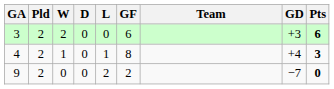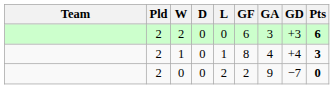 <table class="wikitable" style="text-align:center">
 <tr>
-<th width=20>GA</th>
+<th width=175>Team</th>
 <th width=20>Pld</th>
 <th width=20>W</th>
 <th width=20>D</th>
 <th width=20>L</th>
 <th width=20>GF</th>
-<th width=175>Team</th>
+<th width=20>GA</th>
 <th width=20>GD</th>
 <th width=20>Pts</th>
 </tr>
 <tr bgcolor=ccffcc>
-<td>3</td>
+<td align=left></td>
 <td>2</td>
 <td>2</td>
 <td>0</td>
 <td>0</td>
 <td>6</td>
-<td align=left></td>
+<td>3</td>
 <td>+3</td>
 <td><strong>6</strong></td>
 </tr>
 <tr>
-<td>4</td>
+<td align=left></td>
 <td>2</td>
 <td>1</td>
 <td>0</td>
 <td>1</td>
 <td>8</td>
-<td align=left></td>
+<td>4</td>
 <td>+4</td>
 <td><strong>3</strong></td>
 </tr>
 <tr>
-<td>9</td>
+<td align=left></td>
 <td>2</td>
 <td>0</td>
 <td>0</td>
 <td>2</td>
 <td>2</td>
-<td align=left></td>
+<td>9</td>
 <td>−7</td>
 <td><strong>0</strong></td>
 </tr>
 </table>
